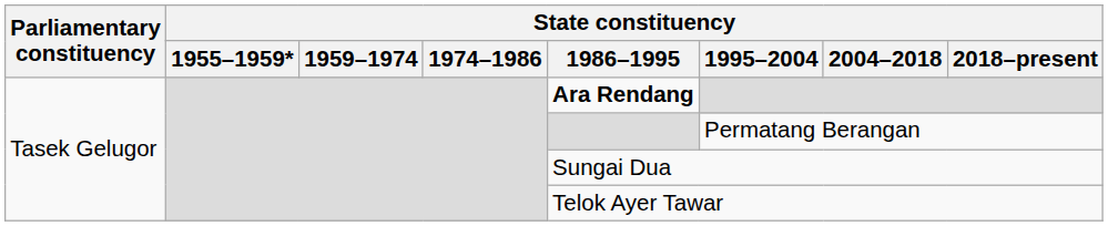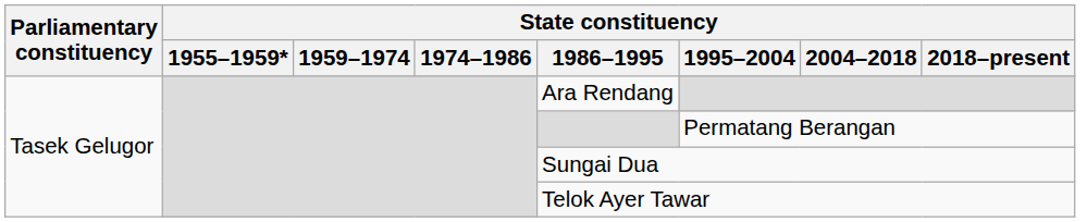 <table class="wikitable">
 <tr>
 <th rowspan="2">Parliamentary<br>constituency</th>
 <th colspan="7">State constituency</th>
 </tr>
 <tr>
 <th>1955–1959*</th>
 <th>1959–1974</th>
 <th>1974–1986</th>
 <th>1986–1995</th>
 <th>1995–2004</th>
 <th>2004–2018</th>
 <th>2018–present</th>
 </tr>
 <tr>
 <td rowspan="4">Tasek Gelugor</td>
 <td colspan="3" rowspan="4" bgcolor="dcdcdc"></td>
-<td><strong>Ara Rendang</strong></td>
+<td>Ara Rendang</td>
 <td colspan="3" bgcolor="dcdcdc"></td>
 </tr>
 <tr>
 <td bgcolor="dcdcdc"></td>
 <td colspan="3">Permatang Berangan</td>
 </tr>
 <tr>
 <td colspan="4">Sungai Dua</td>
 </tr>
 <tr>
 <td colspan="4">Telok Ayer Tawar</td>
 </tr>
 </table>
